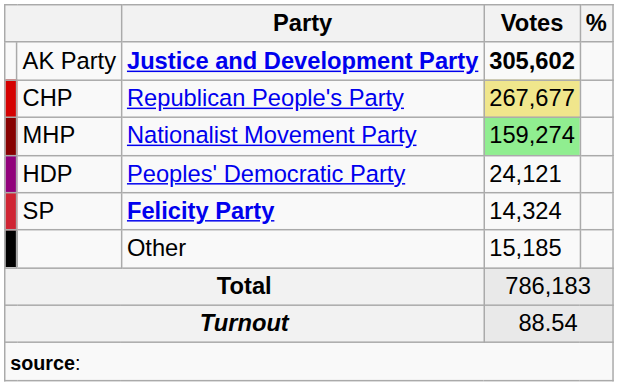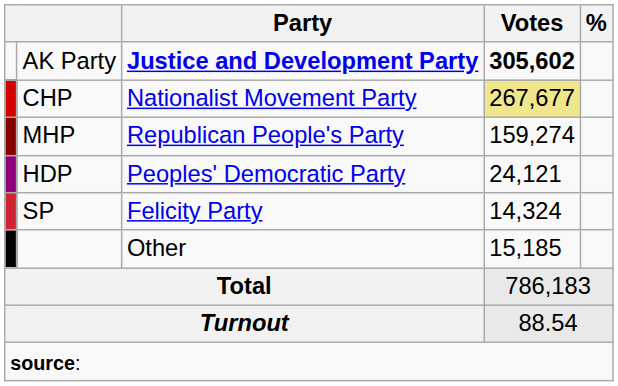 <table class="wikitable">
 <tr>
 <th colspan="2" align="center"></th>
 <th align="center">Party</th>
 <th align="center">Votes</th>
 <th align="center">%</th>
 </tr>
 <tr align="left">
 <td></td>
 <td>AK Party</td>
 <td><strong><a href='#'>Justice and Development Party</a></strong></td>
 <td><strong>305,602</strong></td>
 <td><strong></strong></td>
 </tr>
 <tr align="left">
 <td bgcolor="#d50000" width="1"></td>
 <td>CHP</td>
-<td><a href='#'>Republican People's Party</a></td>
+<td><a href='#'>Nationalist Movement Party</a></td>
 <td style="background: khaki;">267,677</td>
 <td></td>
 </tr>
 <tr align="left">
 <td bgcolor="#870000" width="1"></td>
 <td>MHP</td>
-<td><a href='#'>Nationalist Movement Party</a></td>
-<td style="background: lightgreen;">159,274</td>
+<td><a href='#'>Republican People's Party</a></td>
+<td>159,274</td>
 <td></td>
 </tr>
 <tr align="left">
 <td bgcolor="#91007B" width="1"></td>
 <td>HDP</td>
 <td><a href='#'>Peoples' Democratic Party</a></td>
 <td>24,121</td>
 <td></td>
 </tr>
 <tr align="left">
 <td bgcolor="#D02433" width="1"></td>
 <td>SP</td>
-<td><strong><a href='#'>Felicity Party</a></strong></td>
+<td><a href='#'>Felicity Party</a></td>
 <td>14,324</td>
 <td></td>
 </tr>
 <tr align="left">
 <td bgcolor=" " width="1"></td>
 <td></td>
 <td>Other</td>
 <td>15,185</td>
 <td></td>
 </tr>
 <tr align="left" style="background-color:#E9E9E9">
 <th colspan="3" align="center"><strong>Total</strong></th>
 <td colspan="5" align="center">786,183</td>
 </tr>
 <tr align="left" style="background-color:#E9E9E9">
 <th colspan="3" align="center"><em>Turnout</em></th>
 <td colspan="5" align="center">88.54</td>
 </tr>
 <tr>
 <td colspan="9" align="left"><small><strong>source</strong>: </small></td>
 </tr>
 </table>
